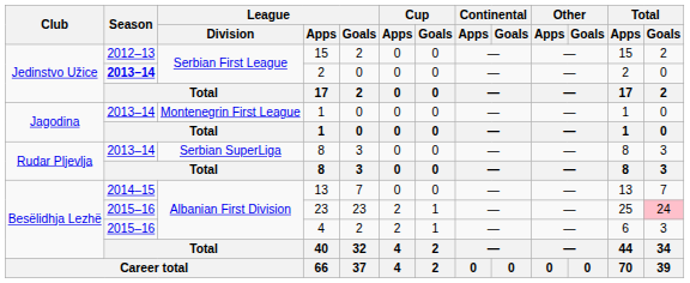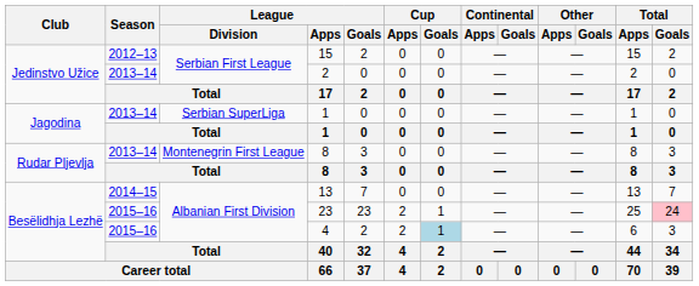 <table class="wikitable" style="text-align:center">
 <tr>
 <th rowspan="2">Club</th>
 <th rowspan="2">Season</th>
 <th colspan="3">League</th>
 <th colspan="2">Cup</th>
 <th colspan="2">Continental</th>
 <th colspan="2">Other</th>
 <th colspan="2">Total</th>
 </tr>
 <tr>
 <th>Division</th>
 <th>Apps</th>
 <th>Goals</th>
 <th>Apps</th>
 <th>Goals</th>
 <th>Apps</th>
 <th>Goals</th>
 <th>Apps</th>
 <th>Goals</th>
 <th>Apps</th>
 <th>Goals</th>
 </tr>
 <tr>
 <td rowspan="3"><a href='#'>Jedinstvo Užice</a></td>
 <td><a href='#'>2012–13</a></td>
 <td rowspan="2"><a href='#'>Serbian First League</a></td>
 <td>15</td>
 <td>2</td>
 <td>0</td>
 <td>0</td>
 <td colspan="2">—</td>
 <td colspan="2">—</td>
 <td>15</td>
 <td>2</td>
 </tr>
 <tr>
-<td><strong><a href='#'>2013–14</a></strong></td>
+<td><a href='#'>2013–14</a></td>
 <td>2</td>
 <td>0</td>
 <td>0</td>
 <td>0</td>
 <td colspan="2">—</td>
 <td colspan="2">—</td>
 <td>2</td>
 <td>0</td>
 </tr>
 <tr>
 <th colspan="2">Total</th>
 <th>17</th>
 <th>2</th>
 <th>0</th>
 <th>0</th>
 <th colspan="2">—</th>
 <th colspan="2">—</th>
 <th>17</th>
 <th>2</th>
 </tr>
 <tr>
 <td rowspan="2"><a href='#'>Jagodina</a></td>
 <td><a href='#'>2013–14</a></td>
-<td rowspan="1"><a href='#'>Montenegrin First League</a></td>
+<td rowspan="1"><a href='#'>Serbian SuperLiga</a></td>
 <td>1</td>
 <td>0</td>
 <td>0</td>
 <td>0</td>
 <td colspan="2">—</td>
 <td colspan="2">—</td>
 <td>1</td>
 <td>0</td>
 </tr>
 <tr>
 <th colspan="2">Total</th>
 <th>1</th>
 <th>0</th>
 <th>0</th>
 <th>0</th>
 <th colspan="2">—</th>
 <th colspan="2">—</th>
 <th>1</th>
 <th>0</th>
 </tr>
 <tr>
 <td rowspan="2"><a href='#'>Rudar Pljevlja</a></td>
 <td><a href='#'>2013–14</a></td>
-<td rowspan="1"><a href='#'>Serbian SuperLiga</a></td>
+<td rowspan="1"><a href='#'>Montenegrin First League</a></td>
 <td>8</td>
 <td>3</td>
 <td>0</td>
 <td>0</td>
 <td colspan="2">—</td>
 <td colspan="2">—</td>
 <td>8</td>
 <td>3</td>
 </tr>
 <tr>
 <th colspan="2">Total</th>
 <th>8</th>
 <th>3</th>
 <th>0</th>
 <th>0</th>
 <th colspan="2">—</th>
 <th colspan="2">—</th>
 <th>8</th>
 <th>3</th>
 </tr>
 <tr>
 <td rowspan="4"><a href='#'>Besëlidhja Lezhë</a></td>
 <td><a href='#'>2014–15</a></td>
 <td rowspan="3"><a href='#'>Albanian First Division</a></td>
 <td>13</td>
 <td>7</td>
 <td>0</td>
 <td>0</td>
 <td colspan="2">—</td>
 <td colspan="2">—</td>
 <td>13</td>
 <td>7</td>
 </tr>
 <tr>
 <td><a href='#'>2015–16</a></td>
 <td>23</td>
 <td>23</td>
 <td>2</td>
 <td>1</td>
 <td colspan="2">—</td>
 <td colspan="2">—</td>
 <td>25</td>
 <td style="background: pink;">24</td>
 </tr>
 <tr>
 <td><a href='#'>2015–16</a></td>
 <td>4</td>
 <td>2</td>
 <td>2</td>
-<td>1</td>
+<td style="background: lightblue;">1</td>
 <td colspan="2">—</td>
 <td colspan="2">—</td>
 <td>6</td>
 <td>3</td>
 </tr>
 <tr>
 <th colspan="2">Total</th>
 <th>40</th>
 <th>32</th>
 <th>4</th>
 <th>2</th>
 <th colspan="2">—</th>
 <th colspan="2">—</th>
 <th>44</th>
 <th>34</th>
 </tr>
 <tr>
 <th colspan="3">Career total</th>
 <th>66</th>
 <th>37</th>
 <th>4</th>
 <th>2</th>
 <th>0</th>
 <th>0</th>
 <th>0</th>
 <th>0</th>
 <th>70</th>
 <th>39</th>
 </tr>
 </table>
